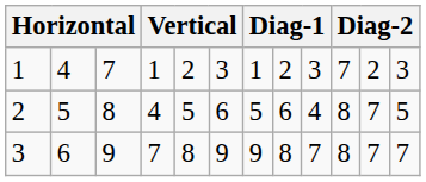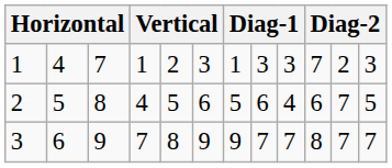 <table class="wikitable">
 <tr>
 <th colspan=3>Horizontal</th>
 <th colspan=3>Vertical</th>
 <th colspan=3>Diag-1</th>
 <th colspan=3>Diag-2</th>
 </tr>
 <tr>
 <td>1</td>
 <td>4</td>
 <td>7</td>
 <td>1</td>
 <td>2</td>
 <td>3</td>
 <td>1</td>
-<td>2</td>
+<td>3</td>
 <td>3</td>
 <td>7</td>
 <td>2</td>
 <td>3</td>
 </tr>
 <tr>
 <td>2</td>
 <td>5</td>
 <td>8</td>
 <td>4</td>
 <td>5</td>
 <td>6</td>
 <td>5</td>
 <td>6</td>
 <td>4</td>
-<td>8</td>
+<td>6</td>
 <td>7</td>
 <td>5</td>
 </tr>
 <tr>
 <td>3</td>
 <td>6</td>
 <td>9</td>
 <td>7</td>
 <td>8</td>
 <td>9</td>
 <td>9</td>
-<td>8</td>
+<td>7</td>
 <td>7</td>
 <td>8</td>
 <td>7</td>
 <td>7</td>
 </tr>
 </table>
